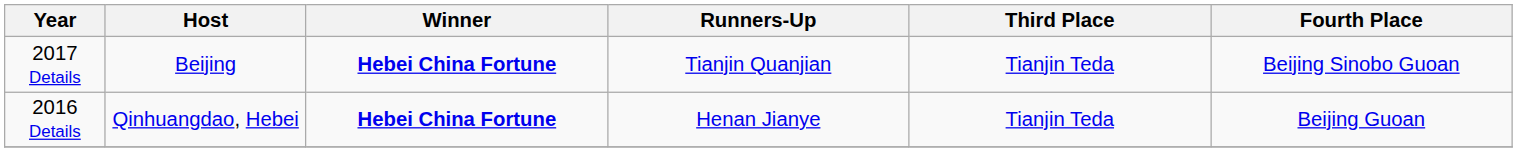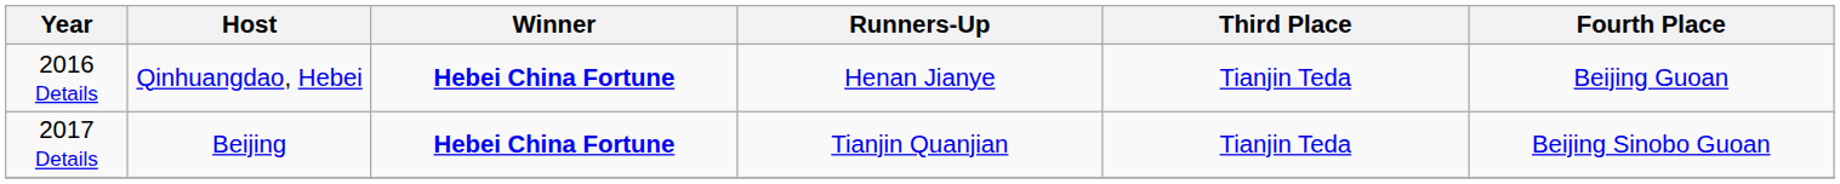 <table class="wikitable" style="font-size: 100%; text-align: center; width: 75%;">
 <tr>
 <th width=5%>Year</th>
 <th width=10%>Host</th>
 <th width=15%>Winner</th>
 <th width=15%>Runners-Up</th>
 <th width=15%>Third Place</th>
 <th width=15%>Fourth Place</th>
 </tr>
 <tr>
+<td>2016<br><small><a href='#'>Details</a></small></td>
+<td><a href='#'>Qinhuangdao</a>, <a href='#'>Hebei</a></td>
+<td><strong><a href='#'>Hebei China Fortune</a></strong></td>
+<td><a href='#'>Henan Jianye</a></td>
+<td><a href='#'>Tianjin Teda</a></td>
+<td><a href='#'>Beijing Guoan</a></td>
+</tr>
+<tr>
 <td>2017<br><small><a href='#'>Details</a></small></td>
 <td><a href='#'>Beijing</a></td>
 <td><strong><a href='#'>Hebei China Fortune</a></strong></td>
 <td><a href='#'>Tianjin Quanjian</a></td>
 <td><a href='#'>Tianjin Teda</a></td>
 <td><a href='#'>Beijing Sinobo Guoan</a></td>
 </tr>
 <tr>
-<td>2016<br><small><a href='#'>Details</a></small></td>
-<td><a href='#'>Qinhuangdao</a>, <a href='#'>Hebei</a></td>
-<td><strong><a href='#'>Hebei China Fortune</a></strong></td>
-<td><a href='#'>Henan Jianye</a></td>
-<td><a href='#'>Tianjin Teda</a></td>
-<td><a href='#'>Beijing Guoan</a></td>
-</tr>
-<tr>
 </tr>
 </table>
